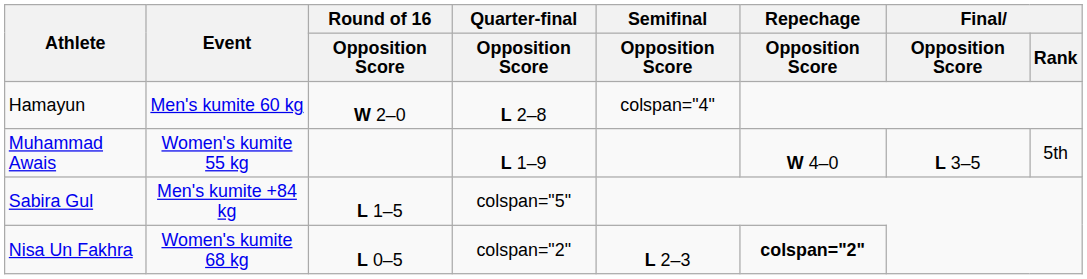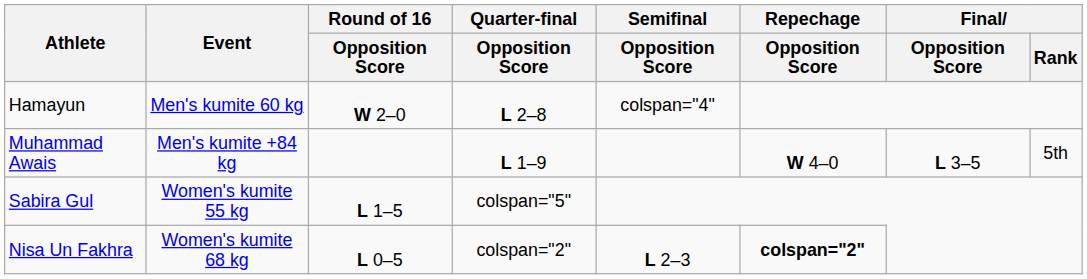 <table class="wikitable" style="text-align:center; font-size:90%">
 <tr>
 <th rowspan="2">Athlete</th>
 <th rowspan="2">Event</th>
 <th>Round of 16</th>
 <th>Quarter-final</th>
 <th>Semifinal</th>
 <th>Repechage</th>
 <th colspan="2">Final/</th>
 </tr>
 <tr>
 <th>Opposition Score</th>
 <th>Opposition Score</th>
 <th>Opposition Score</th>
 <th>Opposition Score</th>
 <th>Opposition Score</th>
 <th>Rank</th>
 </tr>
 <tr>
 <td style="text-align:left">Hamayun</td>
 <td><a href='#'>Men's kumite 60 kg</a></td>
 <td><br> <strong>W</strong> 2–0</td>
 <td><br><strong>L</strong> 2–8</td>
 <td>colspan="4"</td>
 </tr>
 <tr>
 <td style="text-align:left"><a href='#'>Muhammad Awais</a></td>
-<td><a href='#'>Women's kumite 55 kg</a></td>
+<td><a href='#'>Men's kumite +84 kg</a></td>
 <td></td>
 <td><br><strong>L</strong> 1–9</td>
 <td></td>
 <td><br><strong>W</strong> 4–0 </td>
 <td><br><strong>L</strong> 3–5</td>
 <td>5th</td>
 </tr>
 <tr>
 <td style="text-align:left"><a href='#'>Sabira Gul</a></td>
-<td><a href='#'>Men's kumite +84 kg</a></td>
+<td><a href='#'>Women's kumite 55 kg</a></td>
 <td><br><strong>L</strong> 1–5</td>
 <td>colspan="5"</td>
 </tr>
 <tr>
 <td style="text-align:left"><a href='#'>Nisa Un Fakhra</a></td>
 <td><a href='#'>Women's kumite 68 kg</a></td>
 <td><br><strong>L</strong> 0–5</td>
 <td>colspan="2"</td>
 <td><br><strong>L</strong> 2–3</td>
 <td><strong>colspan="2"</strong></td>
 </tr>
 </table>
